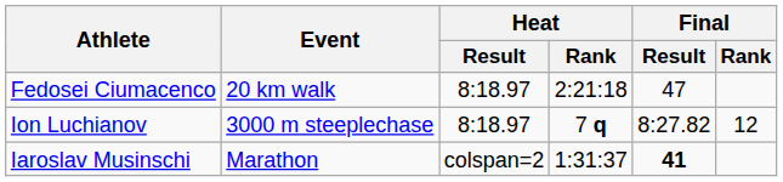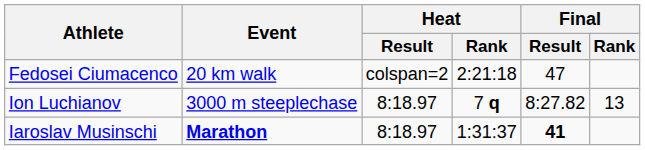 <table class=wikitable style="font-size:90%">
 <tr>
 <th rowspan="2">Athlete</th>
 <th rowspan="2">Event</th>
 <th colspan="2">Heat</th>
 <th colspan="2">Final</th>
 </tr>
 <tr style="font-size:95%">
 <th>Result</th>
 <th>Rank</th>
 <th>Result</th>
 <th>Rank</th>
 </tr>
 <tr align=center>
 <td align=left><a href='#'>Fedosei Ciumacenco</a></td>
 <td align=left><a href='#'>20 km walk</a></td>
-<td>8:18.97</td>
+<td>colspan=2 </td>
 <td>2:21:18</td>
 <td>47</td>
 </tr>
 <tr align=center>
 <td align=left><a href='#'>Ion Luchianov</a></td>
 <td align=left><a href='#'>3000 m steeplechase</a></td>
 <td>8:18.97</td>
 <td>7 <strong>q</strong></td>
 <td>8:27.82</td>
-<td>12</td>
+<td>13</td>
 </tr>
 <tr align=center>
 <td align=left><a href='#'>Iaroslav Musinschi</a></td>
-<td align=left><a href='#'>Marathon</a></td>
-<td>colspan=2 </td>
+<td align=left><strong><a href='#'>Marathon</a></strong></td>
+<td>8:18.97</td>
 <td>1:31:37</td>
 <td><strong>41</strong></td>
 </tr>
 </table>
